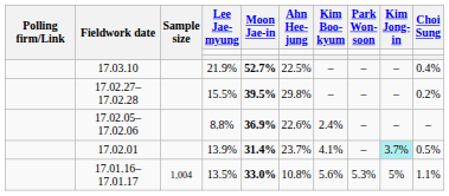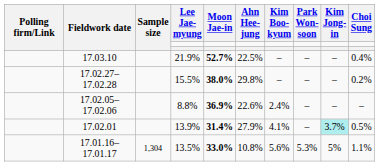 <table class="wikitable mw-collapsible mw-collapsed" style="text-align:center">
 <tr style="height:55px; background:#e9e9e9;">
 <th style="width:90px;" rowspan="3">Polling firm/Link</th>
 <th style="width:110px;" rowspan="3">Fieldwork date</th>
 <th style="width:35px;" rowspan="3">Sample<br>size</th>
 <th style="width:35px;"><a href='#'>Lee Jae-myung</a></th>
 <th style="width:35px;"><a href='#'>Moon Jae-in</a></th>
 <th style="width:35px;"><a href='#'>Ahn Hee-jung</a></th>
 <th style="width:35px;"><a href='#'>Kim Boo-kyum</a></th>
 <th style="width:35px;"><a href='#'>Park Won-soon</a></th>
 <th style="width:35px;"><a href='#'>Kim Jong-in</a></th>
 <th style="width:35px;"><a href='#'>Choi Sung</a></th>
 </tr>
 <tr style="background:">
 <td></td>
 <td></td>
 <td></td>
 <td></td>
 <td></td>
 <td></td>
 <td></td>
 </tr>
 <tr>
 <th></th>
 <th></th>
 <th></th>
 <th></th>
 <th></th>
 <th></th>
 <th></th>
 </tr>
 <tr>
 <td></td>
 <td>17.03.10</td>
 <td></td>
 <td>21.9%</td>
 <td><strong>52.7%</strong></td>
 <td>22.5%</td>
 <td>–</td>
 <td>–</td>
 <td>–</td>
 <td>0.4%</td>
 </tr>
 <tr>
 <td> </td>
 <td>17.02.27–17.02.28</td>
 <td></td>
 <td>15.5%</td>
-<td><strong>39.5%</strong></td>
+<td><strong>38.0%</strong></td>
 <td>29.8%</td>
 <td>–</td>
 <td>–</td>
 <td>–</td>
 <td>0.2%</td>
 </tr>
 <tr>
 <td></td>
 <td>17.02.05–17.02.06</td>
 <td></td>
 <td>8.8%</td>
 <td><strong>36.9%</strong></td>
 <td>22.6%</td>
 <td>2.4%</td>
 <td>–</td>
 <td>–</td>
 <td>–</td>
 </tr>
 <tr>
 <td></td>
 <td>17.02.01</td>
 <td></td>
 <td>13.9%</td>
 <td><strong>31.4%</strong></td>
-<td>23.7%</td>
+<td>27.9%</td>
 <td>4.1%</td>
 <td>–</td>
 <td style="background: paleturquoise;">3.7%</td>
 <td>0.5%</td>
 </tr>
 <tr>
 <td [></td>
 <td>17.01.16–17.01.17</td>
-<td><small>1,004</small></td>
+<td><small>1,304</small></td>
 <td>13.5%</td>
 <td><strong>33.0%</strong></td>
 <td>10.8%</td>
 <td>5.6%</td>
 <td>5.3%</td>
 <td>5%</td>
 <td>1.1%</td>
 </tr>
 </table>
